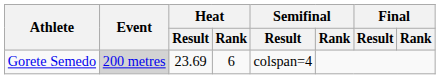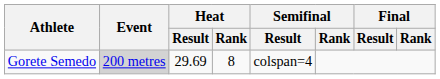 <table class="wikitable" style="font-size:90%">
 <tr>
 <th rowspan="2">Athlete</th>
 <th rowspan="2">Event</th>
 <th colspan="2">Heat</th>
 <th colspan="2">Semifinal</th>
 <th colspan="2">Final</th>
 </tr>
 <tr style="font-size:95%">
 <th>Result</th>
 <th>Rank</th>
 <th>Result</th>
 <th>Rank</th>
 <th>Result</th>
 <th>Rank</th>
 </tr>
 <tr align=center>
 <td align=left><a href='#'>Gorete Semedo</a></td>
 <td align=left style="background: lightgrey;"><a href='#'>200 metres</a></td>
-<td>23.69 </td>
-<td>6</td>
+<td>29.69 </td>
+<td>8</td>
 <td>colspan=4 </td>
 </tr>
 </table>
